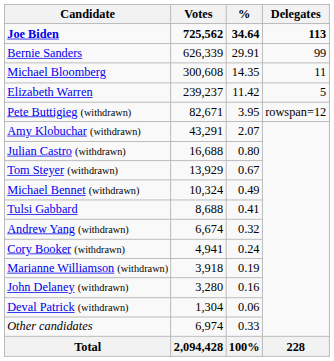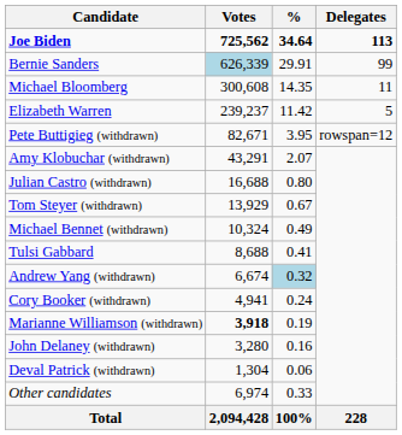 <table class="wikitable sortable" style="text-align:right;">
 <tr>
 <th>Candidate</th>
 <th>Votes</th>
 <th>%</th>
 <th>Delegates</th>
 </tr>
 <tr>
 <td style="text-align:left;" data-sort-value="Biden, Joe"><strong><a href='#'>Joe Biden</a></strong></td>
 <td><strong>725,562</strong></td>
 <td><strong>34.64</strong></td>
 <td><strong>113</strong></td>
 </tr>
 <tr>
 <td style="text-align:left;" data-sort-value="Sanders, Bernie"><a href='#'>Bernie Sanders</a></td>
-<td>626,339</td>
+<td style="background: lightblue;">626,339</td>
 <td>29.91</td>
 <td>99</td>
 </tr>
 <tr>
 <td style="text-align:left;" data-sort-value="Bloomberg, Michael"><a href='#'>Michael Bloomberg</a></td>
 <td>300,608</td>
 <td>14.35</td>
 <td>11</td>
 </tr>
 <tr>
 <td style="text-align:left;" data-sort-value="Warren, Elizabeth"><a href='#'>Elizabeth Warren</a></td>
 <td>239,237</td>
 <td>11.42</td>
 <td>5</td>
 </tr>
 <tr>
 <td style="text-align:left;" data-sort-value="Buttigieg, Pete"><a href='#'>Pete Buttigieg</a> <small>(withdrawn)</small></td>
 <td>82,671</td>
 <td>3.95</td>
 <td>rowspan=12 </td>
 </tr>
 <tr>
 <td style="text-align:left;" data-sort-value="Klobuchar, Amy"><a href='#'>Amy Klobuchar</a> <small>(withdrawn)</small></td>
 <td>43,291</td>
 <td>2.07</td>
 </tr>
 <tr>
 <td style="text-align:left;" data-sort-value="Castro, Julian"><a href='#'>Julian Castro</a> <small>(withdrawn)</small></td>
 <td>16,688</td>
 <td>0.80</td>
 </tr>
 <tr>
 <td style="text-align:left;" data-sort-value="Steyer, Tom"><a href='#'>Tom Steyer</a> <small>(withdrawn)</small></td>
 <td>13,929</td>
 <td>0.67</td>
 </tr>
 <tr>
 <td style="text-align:left;" data-sort-value="Bennet, Michael"><a href='#'>Michael Bennet</a> <small>(withdrawn)</small></td>
 <td>10,324</td>
 <td>0.49</td>
 </tr>
 <tr>
 <td style="text-align:left;" data-sort-value="Gabbard, Tulsi"><a href='#'>Tulsi Gabbard</a></td>
 <td>8,688</td>
 <td>0.41</td>
 </tr>
 <tr>
 <td style="text-align:left;" data-sort-value="Yang, Andrew"><a href='#'>Andrew Yang</a> <small>(withdrawn)</small></td>
 <td>6,674</td>
-<td>0.32</td>
+<td style="background: lightblue;">0.32</td>
 </tr>
 <tr>
 <td style="text-align:left;" data-sort-value="Booker, Cory"><a href='#'>Cory Booker</a> <small>(withdrawn)</small></td>
 <td>4,941</td>
 <td>0.24</td>
 </tr>
 <tr>
 <td style="text-align:left;" data-sort-value="Williamson, Marianne"><a href='#'>Marianne Williamson</a> <small>(withdrawn)</small></td>
-<td>3,918</td>
+<td><strong>3,918</strong></td>
 <td>0.19</td>
 </tr>
 <tr>
 <td style="text-align:left;" data-sort-value="Delaney, John"><a href='#'>John Delaney</a> <small>(withdrawn)</small></td>
 <td>3,280</td>
 <td>0.16</td>
 </tr>
 <tr>
 <td style="text-align:left;" data-sort-value="Patrick, Deval"><a href='#'>Deval Patrick</a> <small>(withdrawn)</small></td>
 <td>1,304</td>
 <td>0.06</td>
 </tr>
 <tr>
 <td style="text-align:left;" data-sort-value="ZZ"><em>Other candidates</em></td>
 <td>6,974</td>
 <td>0.33</td>
 </tr>
 <tr>
 <th>Total</th>
 <th>2,094,428</th>
 <th>100%</th>
 <th>228</th>
 </tr>
 </table>
